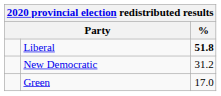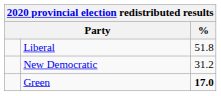 <table class="wikitable">
 <tr>
 <th colspan="4"><a href='#'>2020 provincial election</a> redistributed results</th>
 </tr>
 <tr>
 <th bgcolor="#DDDDFF" width="130px" colspan="2">Party</th>
 <th bgcolor="#DDDDFF" width="30px">%</th>
 </tr>
 <tr>
 <td> </td>
 <td><a href='#'>Liberal</a></td>
-<td align=right><strong>51.8</strong></td>
+<td align=right>51.8</td>
 </tr>
 <tr>
 <td> </td>
 <td><a href='#'>New Democratic</a></td>
 <td align=right>31.2</td>
 </tr>
 <tr>
 <td> </td>
 <td><a href='#'>Green</a></td>
-<td align=right>17.0</td>
+<td align=right><strong>17.0</strong></td>
 </tr>
 </table>
